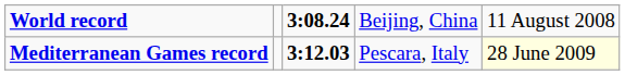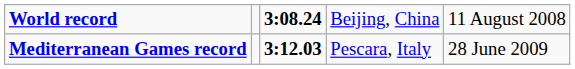 <table class="wikitable">
 <tr>
 <td><strong><a href='#'>World record</a></strong></td>
 <td></td>
 <td><strong>3:08.24</strong></td>
 <td><a href='#'>Beijing</a>, <a href='#'>China</a></td>
 <td>11 August 2008</td>
 </tr>
 <tr>
 <td><strong><a href='#'>Mediterranean Games record</a></strong></td>
 <td></td>
 <td><strong>3:12.03</strong></td>
 <td><a href='#'>Pescara</a>, <a href='#'>Italy</a></td>
-<td style="background: lightyellow;">28 June 2009</td>
+<td>28 June 2009</td>
 </tr>
 </table>
